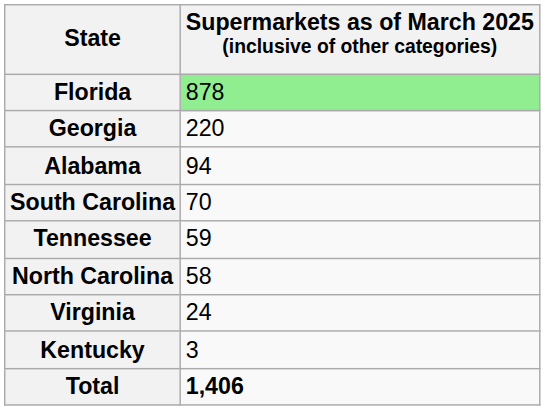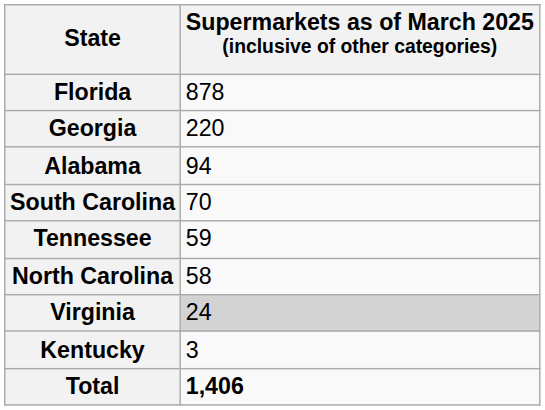 <table class="wikitable">
 <tr>
 <th>State</th>
 <th>Supermarkets as of March 2025 <br><sup>(inclusive of other categories)</sup></th>
 </tr>
 <tr>
 <th>Florida</th>
-<td style="background: lightgreen;">878</td>
+<td>878</td>
 </tr>
 <tr>
 <th>Georgia</th>
 <td>220</td>
 </tr>
 <tr>
 <th>Alabama</th>
 <td>94</td>
 </tr>
 <tr>
 <th>South Carolina</th>
 <td>70</td>
 </tr>
 <tr>
 <th>Tennessee</th>
 <td>59</td>
 </tr>
 <tr>
 <th>North Carolina</th>
 <td>58</td>
 </tr>
 <tr>
 <th>Virginia</th>
-<td>24</td>
+<td style="background: lightgrey;">24</td>
 </tr>
 <tr>
 <th>Kentucky</th>
 <td>3</td>
 </tr>
 <tr>
 <th>Total</th>
 <td><strong>1,406</strong></td>
 </tr>
 </table>
